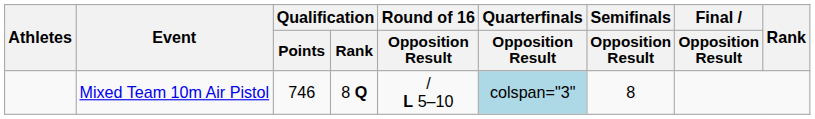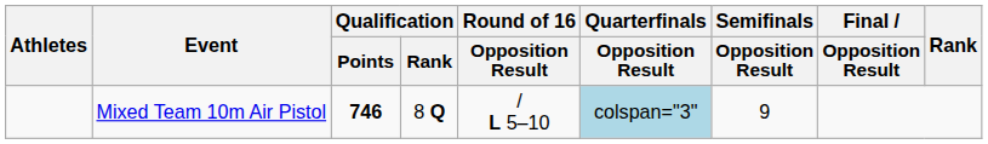 <table class="wikitable" style="font-size:90%;">
 <tr>
 <th rowspan=2>Athletes</th>
 <th rowspan=2>Event</th>
 <th colspan=2>Qualification</th>
 <th>Round of 16</th>
 <th>Quarterfinals</th>
 <th>Semifinals</th>
 <th>Final / </th>
 <th rowspan=2>Rank</th>
 </tr>
 <tr style="font-size:95%">
 <th>Points</th>
 <th>Rank</th>
 <th>Opposition<br>Result</th>
 <th>Opposition<br>Result</th>
 <th>Opposition<br>Result</th>
 <th>Opposition<br>Result</th>
 </tr>
 <tr align=center>
 <td align=left><br></td>
 <td align=left><a href='#'>Mixed Team 10m Air Pistol</a></td>
-<td>746</td>
+<td><strong>746</strong></td>
 <td>8 <strong>Q</strong></td>
 <td>/<br><strong>L</strong> 5–10</td>
 <td style="background: lightblue;">colspan="3" </td>
-<td>8</td>
+<td>9</td>
 </tr>
 </table>
